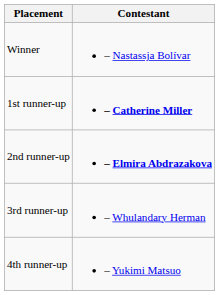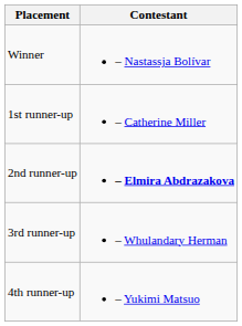 <table class="wikitable sortable" style="font-size:95%;">
 <tr>
 <th>Placement</th>
 <th>Contestant</th>
 </tr>
 <tr>
 <td>Winner</td>
 <td><br><ul><li> – <a href='#'>Nastassja Bolívar</a></li></ul></td>
 </tr>
 <tr>
 <td>1st runner-up</td>
-<td><strong><br><ul><li> – <a href='#'>Catherine Miller</a></li></ul></strong></td>
+<td><br><ul><li> – <a href='#'>Catherine Miller</a></li></ul></td>
 </tr>
 <tr>
 <td>2nd runner-up</td>
 <td><strong><br><ul><li> – <a href='#'>Elmira Abdrazakova</a></li></ul></strong></td>
 </tr>
 <tr>
 <td>3rd runner-up</td>
 <td><br><ul><li> – <a href='#'>Whulandary Herman</a></li></ul></td>
 </tr>
 <tr>
 <td>4th runner-up</td>
 <td><br><ul><li> – <a href='#'>Yukimi Matsuo</a></li></ul></td>
 </tr>
 </table>
